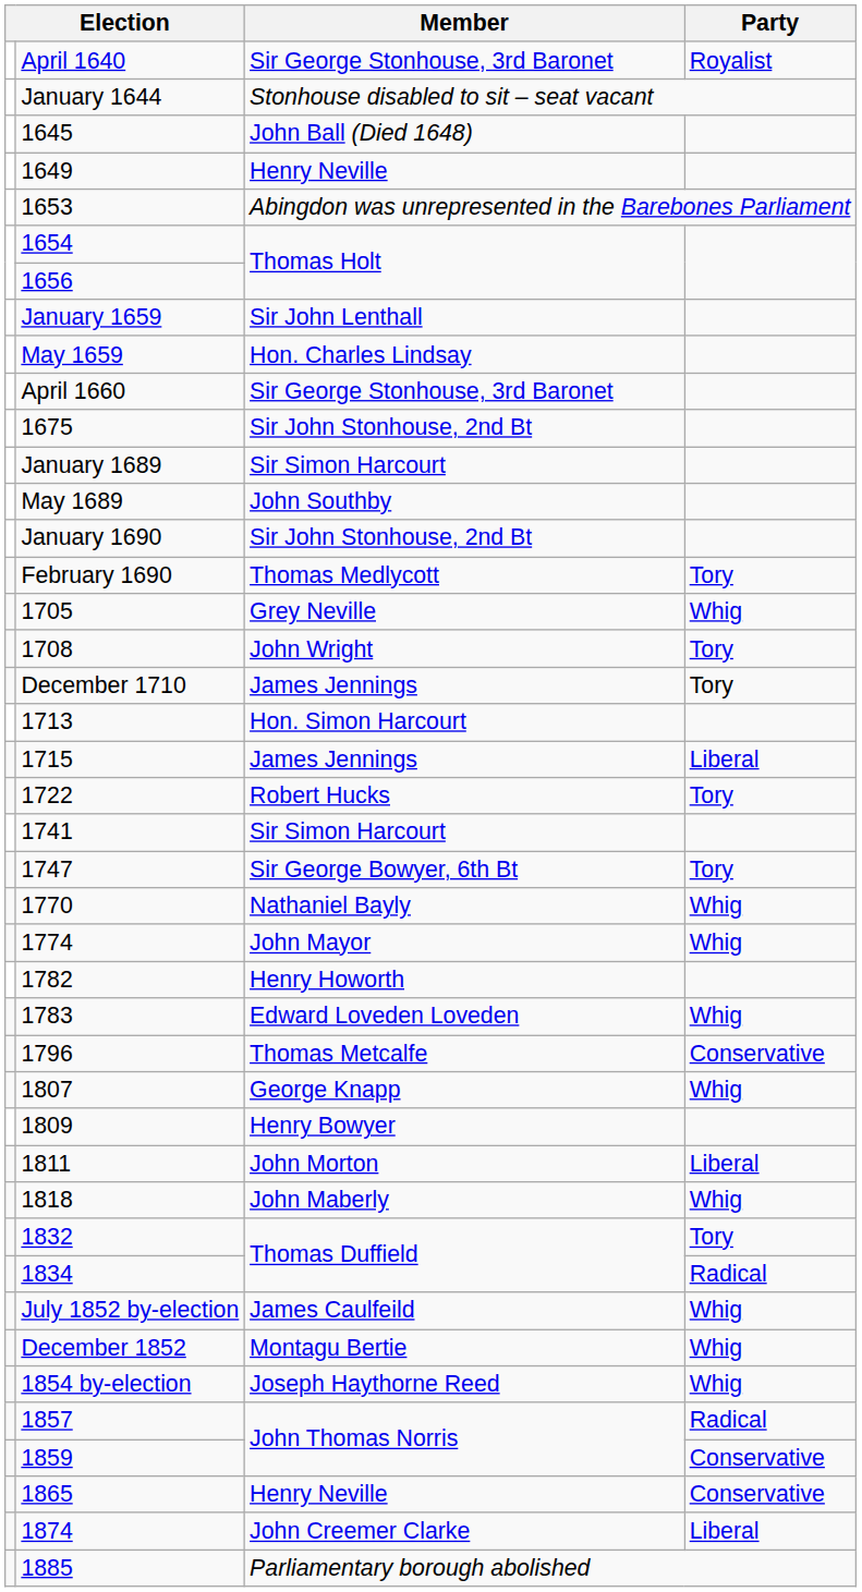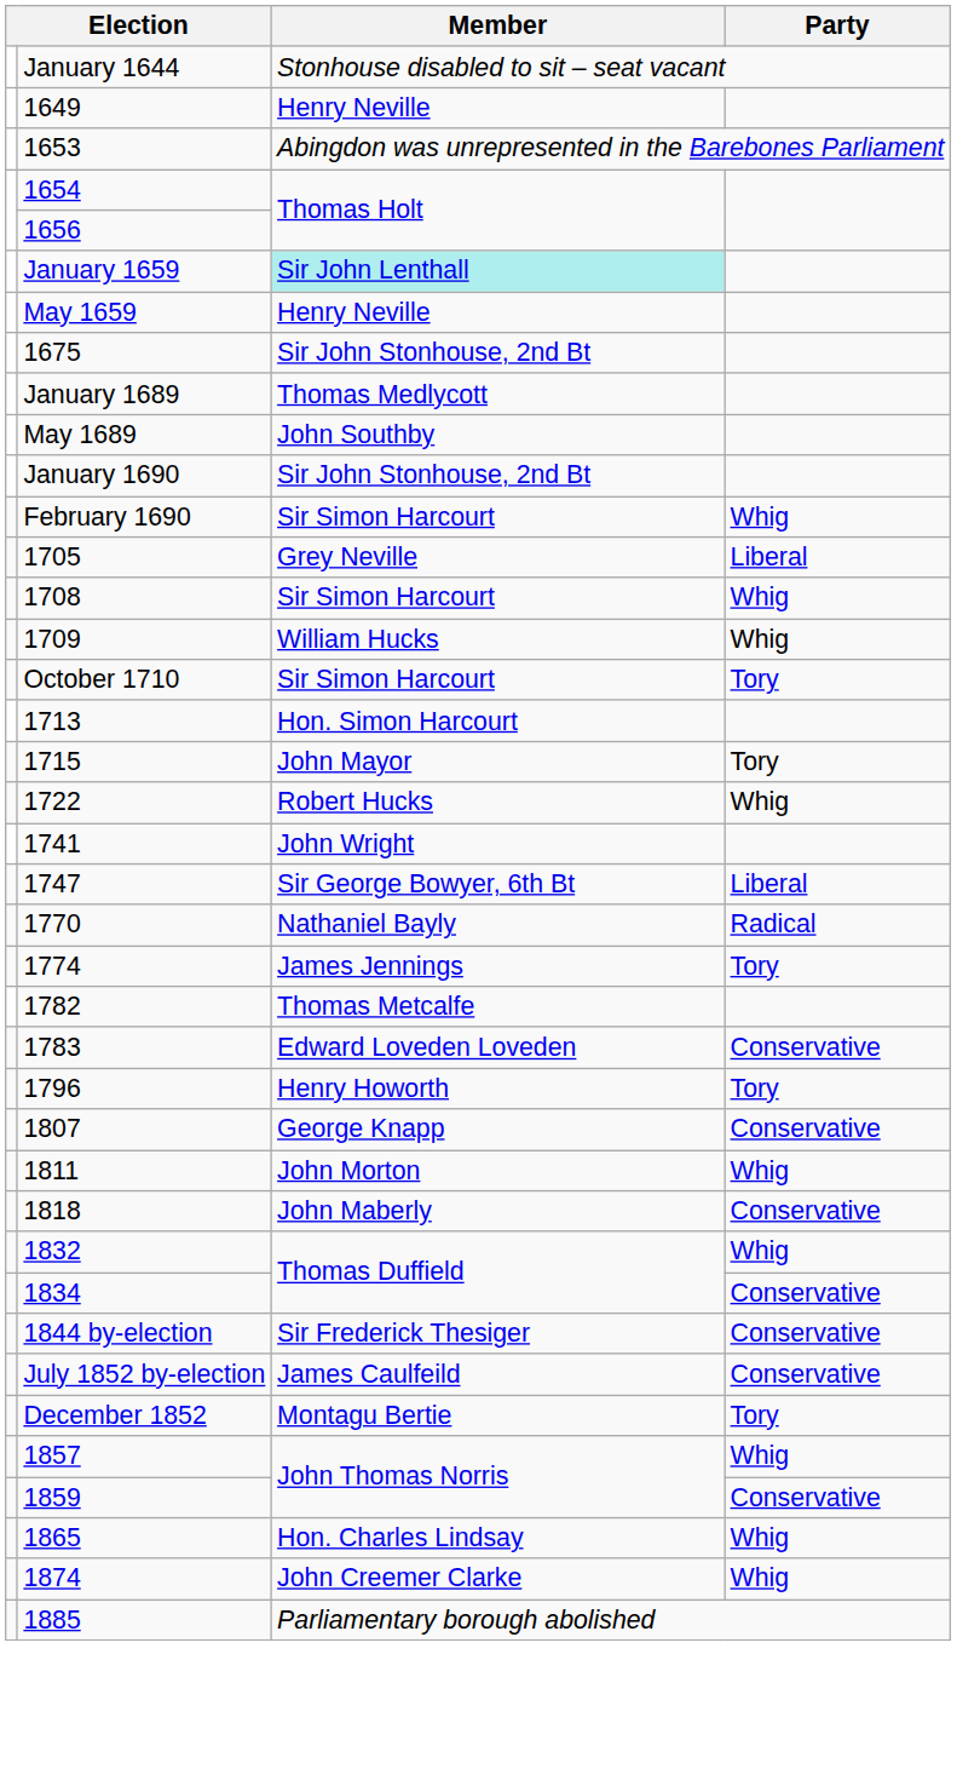 <table class="wikitable">
 <tr>
 <th colspan="2">Election</th>
 <th>Member</th>
 <th>Party</th>
 </tr>
 <tr>
 <td style="color:inherit;background-color: white"></td>
-<td><a href='#'>April 1640</a></td>
-<td><a href='#'>Sir George Stonhouse, 3rd Baronet</a></td>
-<td><a href='#'>Royalist</a></td>
-</tr>
-<tr>
-<td style="color:inherit;background-color: white"></td>
 <td>January 1644</td>
 <td colspan="2"><em>Stonhouse disabled to sit – seat vacant</em></td>
-</tr>
-<tr>
-<td style="color:inherit;background-color: white"></td>
-<td>1645</td>
-<td><a href='#'>John Ball</a>  <em>(Died 1648)</em></td>
-<td></td>
 </tr>
 <tr>
 <td style="color:inherit;background-color: white"></td>
 <td>1649</td>
 <td><a href='#'>Henry Neville</a></td>
 <td></td>
 </tr>
 <tr>
 <td style="color:inherit;background-color: white"></td>
 <td>1653</td>
 <td colspan="2"><em>Abingdon was unrepresented in the <a href='#'>Barebones Parliament</a></em></td>
 </tr>
 <tr>
 <td rowspan="2" style="color:inherit;background-color: white"></td>
 <td><a href='#'>1654</a></td>
 <td rowspan="2"><a href='#'>Thomas Holt</a></td>
 <td rowspan="2"></td>
 </tr>
 <tr>
 <td><a href='#'>1656</a></td>
 </tr>
 <tr>
 <td style="color:inherit;background-color: white"></td>
 <td><a href='#'>January 1659</a></td>
-<td><a href='#'>Sir John Lenthall</a></td>
+<td style="background: paleturquoise;"><a href='#'>Sir John Lenthall</a></td>
 <td></td>
 </tr>
 <tr>
 <td style="color:inherit;background-color: white"></td>
 <td><a href='#'>May 1659</a></td>
-<td><a href='#'>Hon. Charles Lindsay</a></td>
-<td></td>
-</tr>
-<tr>
-<td style="color:inherit;background-color: white"></td>
-<td>April 1660</td>
-<td><a href='#'>Sir George Stonhouse, 3rd Baronet</a></td>
+<td><a href='#'>Henry Neville</a></td>
 <td></td>
 </tr>
 <tr>
 <td style="color:inherit;background-color: white"></td>
 <td>1675</td>
 <td><a href='#'>Sir John Stonhouse, 2nd Bt</a></td>
 <td></td>
 </tr>
 <tr>
 <td style="color:inherit;background-color: white"></td>
 <td>January 1689</td>
-<td><a href='#'>Sir Simon Harcourt</a></td>
+<td><a href='#'>Thomas Medlycott</a> </td>
 <td></td>
 </tr>
 <tr>
 <td style="color:inherit;background-color: white"></td>
 <td>May 1689</td>
 <td><a href='#'>John Southby</a> </td>
 <td></td>
 </tr>
 <tr>
 <td style="color:inherit;background-color: white"></td>
 <td>January 1690</td>
 <td><a href='#'>Sir John Stonhouse, 2nd Bt</a></td>
 <td></td>
 </tr>
 <tr>
 <td style="color:inherit;background-color: "></td>
 <td>February 1690</td>
-<td><a href='#'>Thomas Medlycott</a> </td>
-<td><a href='#'>Tory</a></td>
+<td><a href='#'>Sir Simon Harcourt</a></td>
+<td><a href='#'>Whig</a></td>
 </tr>
 <tr>
 <td style="color:inherit;background-color: "></td>
 <td>1705</td>
 <td><a href='#'>Grey Neville</a></td>
+<td><a href='#'>Liberal</a></td>
+</tr>
+<tr>
+<td style="color:inherit;background-color: "></td>
+<td>1708</td>
+<td><a href='#'>Sir Simon Harcourt</a> </td>
 <td><a href='#'>Whig</a></td>
 </tr>
 <tr>
 <td style="color:inherit;background-color: "></td>
-<td>1708</td>
-<td><a href='#'>John Wright</a></td>
-<td><a href='#'>Tory</a></td>
+<td>1709</td>
+<td><a href='#'>William Hucks</a></td>
+<td>Whig</td>
 </tr>
 <tr>
 <td style="color:inherit;background-color: "></td>
-<td>December 1710</td>
-<td><a href='#'>James Jennings</a></td>
-<td>Tory</td>
+<td>October 1710</td>
+<td><a href='#'>Sir Simon Harcourt</a></td>
+<td><a href='#'>Tory</a></td>
 </tr>
 <tr>
 <td style="color:inherit;background-color: white"></td>
 <td>1713</td>
 <td><a href='#'>Hon. Simon Harcourt</a></td>
 <td></td>
 </tr>
 <tr>
 <td style="color:inherit;background-color: "></td>
 <td>1715</td>
-<td><a href='#'>James Jennings</a></td>
-<td><a href='#'>Liberal</a></td>
+<td><a href='#'>John Mayor</a> </td>
+<td>Tory</td>
 </tr>
 <tr>
 <td style="color:inherit;background-color: "></td>
 <td>1722</td>
 <td><a href='#'>Robert Hucks</a></td>
-<td><a href='#'>Tory</a></td>
+<td>Whig</td>
 </tr>
 <tr>
 <td style="color:inherit;background-color: white"></td>
 <td>1741</td>
-<td><a href='#'>Sir Simon Harcourt</a> </td>
+<td><a href='#'>John Wright</a></td>
 <td></td>
 </tr>
 <tr>
 <td style="color:inherit;background-color: "></td>
 <td>1747</td>
 <td><a href='#'>Sir George Bowyer, 6th Bt</a></td>
-<td><a href='#'>Tory</a></td>
+<td><a href='#'>Liberal</a></td>
 </tr>
 <tr>
 <td style="color:inherit;background-color: "></td>
 <td>1770</td>
 <td><a href='#'>Nathaniel Bayly</a></td>
-<td><a href='#'>Whig</a></td>
+<td><a href='#'>Radical</a></td>
 </tr>
 <tr>
 <td style="color:inherit;background-color: "></td>
 <td>1774</td>
-<td><a href='#'>John Mayor</a> </td>
-<td><a href='#'>Whig</a></td>
+<td><a href='#'>James Jennings</a></td>
+<td><a href='#'>Tory</a></td>
 </tr>
 <tr>
 <td style="color:inherit;background-color: white"></td>
 <td>1782</td>
-<td><a href='#'>Henry Howorth</a></td>
+<td><a href='#'>Thomas Metcalfe</a></td>
 <td></td>
 </tr>
 <tr>
 <td style="color:inherit;background-color: "></td>
 <td>1783</td>
 <td><a href='#'>Edward Loveden Loveden</a></td>
-<td><a href='#'>Whig</a></td>
+<td><a href='#'>Conservative</a></td>
 </tr>
 <tr>
 <td style="color:inherit;background-color: "></td>
 <td>1796</td>
-<td><a href='#'>Thomas Metcalfe</a></td>
-<td><a href='#'>Conservative</a></td>
+<td><a href='#'>Henry Howorth</a></td>
+<td><a href='#'>Tory</a></td>
 </tr>
 <tr>
 <td style="color:inherit;background-color: "></td>
 <td>1807</td>
 <td><a href='#'>George Knapp</a></td>
-<td><a href='#'>Whig</a></td>
-</tr>
-<tr>
-<td style="color:inherit;background-color: white"></td>
-<td>1809</td>
-<td><a href='#'>Henry Bowyer</a></td>
-<td></td>
+<td><a href='#'>Conservative</a></td>
 </tr>
 <tr>
 <td style="color:inherit;background-color: "></td>
 <td>1811</td>
 <td><a href='#'>John Morton</a> </td>
-<td><a href='#'>Liberal</a></td>
+<td><a href='#'>Whig</a></td>
 </tr>
 <tr>
 <td style="color:inherit;background-color: "></td>
 <td>1818</td>
 <td><a href='#'>John Maberly</a></td>
-<td><a href='#'>Whig</a></td>
+<td><a href='#'>Conservative</a></td>
 </tr>
 <tr>
 <td style="color:inherit;background-color: "></td>
 <td><a href='#'>1832</a></td>
 <td rowspan="2"><a href='#'>Thomas Duffield</a></td>
-<td><a href='#'>Tory</a></td>
+<td><a href='#'>Whig</a></td>
 </tr>
 <tr>
 <td style="color:inherit;background-color: "></td>
 <td><a href='#'>1834</a></td>
-<td><a href='#'>Radical</a></td>
+<td><a href='#'>Conservative</a></td>
+</tr>
+<tr>
+<td style="color:inherit;background-color: "></td>
+<td><a href='#'>1844 by-election</a></td>
+<td><a href='#'>Sir Frederick Thesiger</a></td>
+<td><a href='#'>Conservative</a></td>
 </tr>
 <tr>
 <td style="color:inherit;background-color: "></td>
 <td><a href='#'>July 1852 by-election</a></td>
 <td><a href='#'>James Caulfeild</a></td>
-<td><a href='#'>Whig</a></td>
+<td><a href='#'>Conservative</a></td>
 </tr>
 <tr>
 <td style="color:inherit;background-color: "></td>
 <td><a href='#'>December 1852</a></td>
 <td><a href='#'>Montagu Bertie</a></td>
-<td><a href='#'>Whig</a></td>
-</tr>
-<tr>
-<td style="color:inherit;background-color: "></td>
-<td><a href='#'>1854 by-election</a></td>
-<td><a href='#'>Joseph Haythorne Reed</a></td>
-<td><a href='#'>Whig</a></td>
+<td><a href='#'>Tory</a></td>
 </tr>
 <tr>
 <td style="color:inherit;background-color: "></td>
 <td><a href='#'>1857</a></td>
 <td rowspan="2"><a href='#'>John Thomas Norris</a></td>
-<td><a href='#'>Radical</a></td>
+<td><a href='#'>Whig</a></td>
 </tr>
 <tr>
 <td style="color:inherit;background-color: "></td>
 <td><a href='#'>1859</a></td>
 <td><a href='#'>Conservative</a></td>
 </tr>
 <tr>
 <td style="color:inherit;background-color: "></td>
 <td><a href='#'>1865</a></td>
-<td><a href='#'>Henry Neville</a></td>
-<td><a href='#'>Conservative</a></td>
+<td><a href='#'>Hon. Charles Lindsay</a></td>
+<td><a href='#'>Whig</a></td>
 </tr>
 <tr>
 <td style="color:inherit;background-color: "></td>
 <td><a href='#'>1874</a></td>
 <td><a href='#'>John Creemer Clarke</a></td>
-<td><a href='#'>Liberal</a></td>
+<td><a href='#'>Whig</a></td>
 </tr>
 <tr>
 <td></td>
 <td><a href='#'>1885</a></td>
 <td colspan="2"><em>Parliamentary borough abolished</em></td>
 </tr>
 </table>
